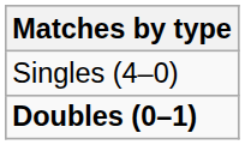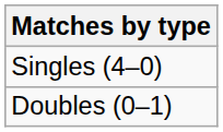 <table class="wikitable" style=font-size:90%>
 <tr>
 <th>Matches by type</th>
 </tr>
 <tr>
 <td>Singles (4–0)</td>
 </tr>
 <tr>
-<td><strong>Doubles (0–1)</strong></td>
+<td>Doubles (0–1)</td>
 </tr>
 </table>
